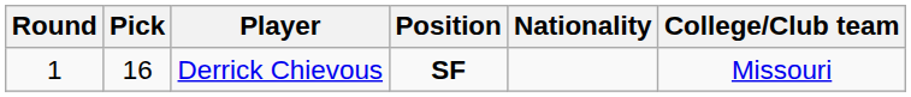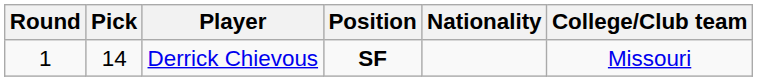 <table class="wikitable sortable sortable">
 <tr>
 <th>Round</th>
 <th>Pick</th>
 <th>Player</th>
 <th>Position</th>
 <th>Nationality</th>
 <th>College/Club team</th>
 </tr>
 <tr style="text-align: center">
 <td>1</td>
-<td>16</td>
+<td>14</td>
 <td><a href='#'>Derrick Chievous</a></td>
 <td><strong>SF</strong></td>
 <td></td>
 <td><a href='#'>Missouri</a></td>
 </tr>
 </table>
